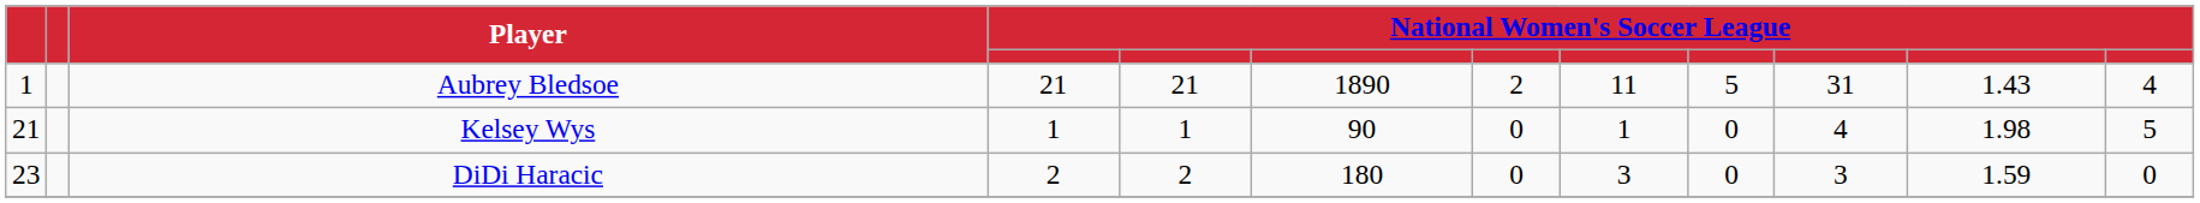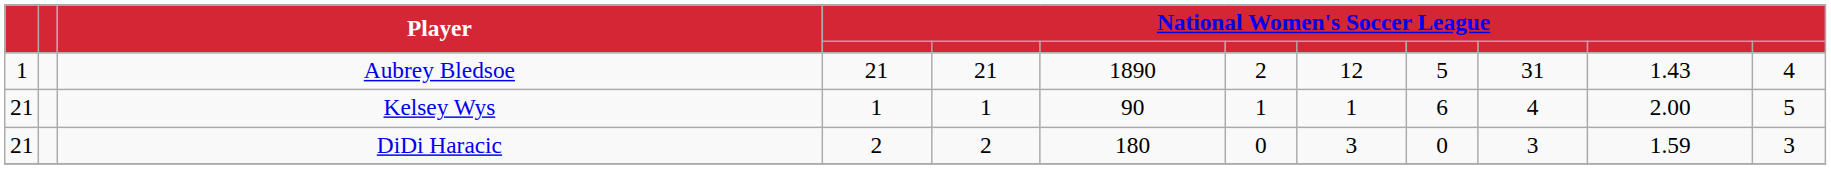 <table class="wikitable" style="text-align:center;">
 <tr>
 <td rowspan="2"  style="color:white; background:#D52635; width:1%; text-align:center;"><strong></strong></td>
 <td rowspan="2"  style="color:white; background:#D52635; width:1%; text-align:center;"><strong></strong></td>
 <td rowspan="2"  style="color:white; background:#D52635; width:42%; text-align:center;"><strong>Player</strong></td>
 <td colspan="9" style="color:white; background:#D52635; text-align:center;"><strong><a href='#'>National Women's Soccer League</a></strong></td>
 </tr>
 <tr>
 <th style="color:white; background:#D52635; width=60"></th>
 <th style="color:white; background:#D52635; width=60"></th>
 <th style="color:white; background:#D52635; width=60"></th>
 <th style="color:white; background:#D52635; width=60"></th>
 <th style="color:white; background:#D52635; width=60"></th>
 <th style="color:white; background:#D52635; width=60"></th>
 <th style="color:white; background:#D52635; width=60"></th>
 <th style="color:white; background:#D52635; width=60"></th>
 <th style="color:white; background:#D52635; width=60"></th>
 </tr>
 <tr>
 <td>1</td>
 <td></td>
 <td><a href='#'>Aubrey Bledsoe</a></td>
 <td>21</td>
 <td>21</td>
 <td>1890</td>
 <td>2</td>
-<td>11</td>
+<td>12</td>
 <td>5</td>
 <td>31</td>
 <td>1.43</td>
 <td>4</td>
 </tr>
 <tr>
 <td>21</td>
 <td></td>
 <td><a href='#'>Kelsey Wys</a></td>
 <td>1</td>
 <td>1</td>
 <td>90</td>
-<td>0</td>
 <td>1</td>
-<td>0</td>
+<td>1</td>
+<td>6</td>
 <td>4</td>
-<td>1.98</td>
+<td>2.00</td>
 <td>5</td>
 </tr>
 <tr>
-<td>23</td>
+<td>21</td>
 <td></td>
 <td><a href='#'>DiDi Haracic</a></td>
 <td>2</td>
 <td>2</td>
 <td>180</td>
 <td>0</td>
 <td>3</td>
 <td>0</td>
 <td>3</td>
 <td>1.59</td>
-<td>0</td>
+<td>3</td>
 </tr>
 <tr>
 </tr>
 </table>
